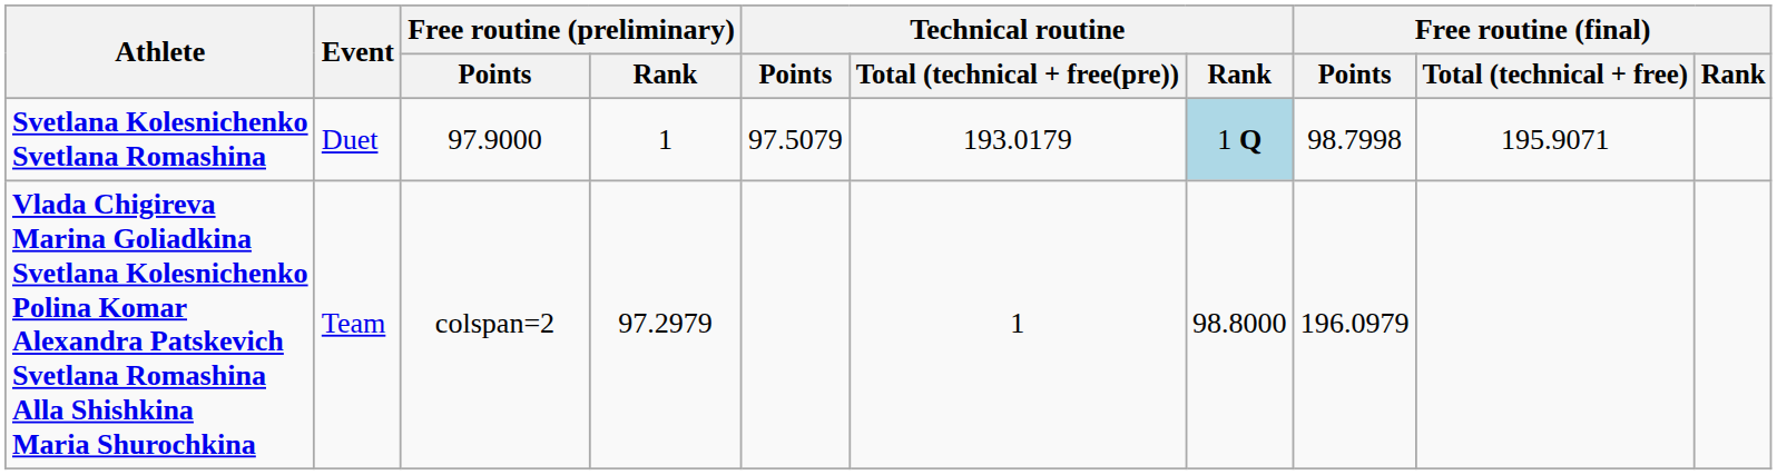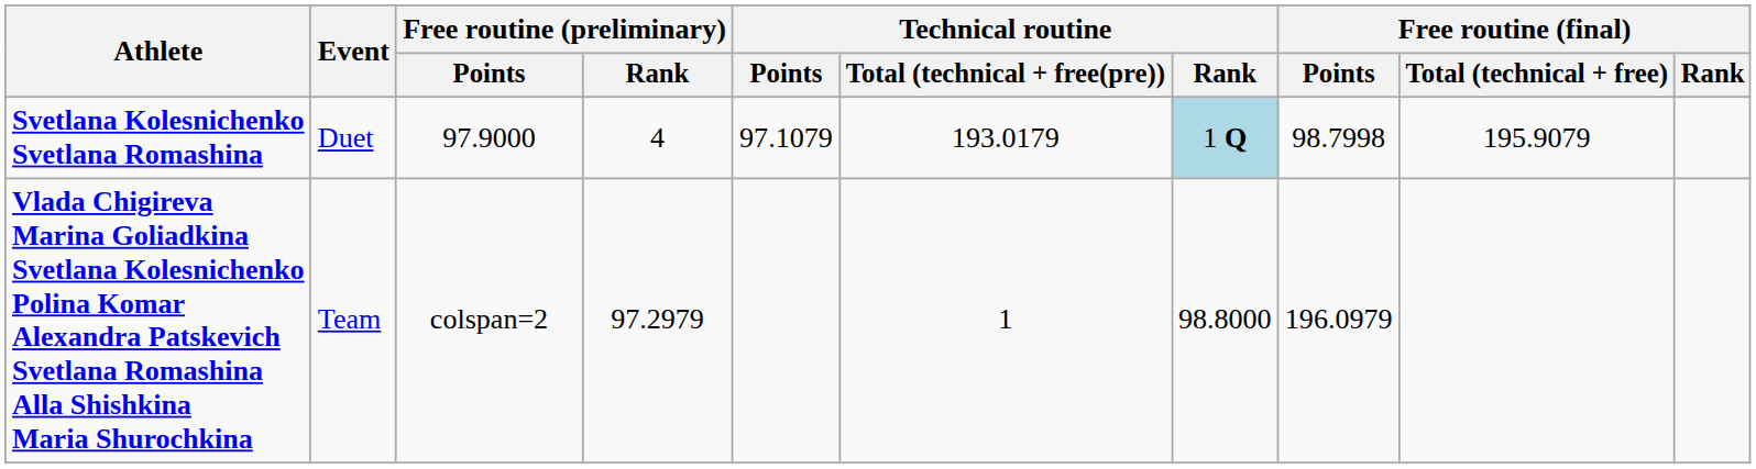 <table class="wikitable" style="text-align:center; font-size:90%">
 <tr>
 <th rowspan=2>Athlete</th>
 <th rowspan=2>Event</th>
 <th colspan=2>Free routine (preliminary)</th>
 <th colspan=3>Technical routine</th>
 <th colspan=3>Free routine (final)</th>
 </tr>
 <tr style="font-size:95%">
 <th>Points</th>
 <th>Rank</th>
 <th>Points</th>
 <th>Total (technical + free(pre))</th>
 <th>Rank</th>
 <th>Points</th>
 <th>Total (technical + free)</th>
 <th>Rank</th>
 </tr>
 <tr>
 <td align=left><strong><a href='#'>Svetlana Kolesnichenko</a> <br> <a href='#'>Svetlana Romashina</a></strong></td>
 <td align=left><a href='#'>Duet</a></td>
 <td>97.9000</td>
-<td>1</td>
-<td>97.5079</td>
+<td>4</td>
+<td>97.1079</td>
 <td>193.0179</td>
 <td style="background: lightblue;">1 <strong>Q</strong></td>
 <td>98.7998</td>
-<td>195.9071</td>
+<td>195.9079</td>
 <td></td>
 </tr>
 <tr>
 <td align=left><strong><a href='#'>Vlada Chigireva</a><br><a href='#'>Marina Goliadkina</a><br><a href='#'>Svetlana Kolesnichenko</a><br><a href='#'>Polina Komar</a><br><a href='#'>Alexandra Patskevich</a><br><a href='#'>Svetlana Romashina</a><br><a href='#'>Alla Shishkina</a><br><a href='#'>Maria Shurochkina</a></strong></td>
 <td align=left><a href='#'>Team</a></td>
 <td>colspan=2 </td>
 <td>97.2979</td>
 <td></td>
 <td>1</td>
 <td>98.8000</td>
 <td>196.0979</td>
 <td></td>
 </tr>
 </table>
